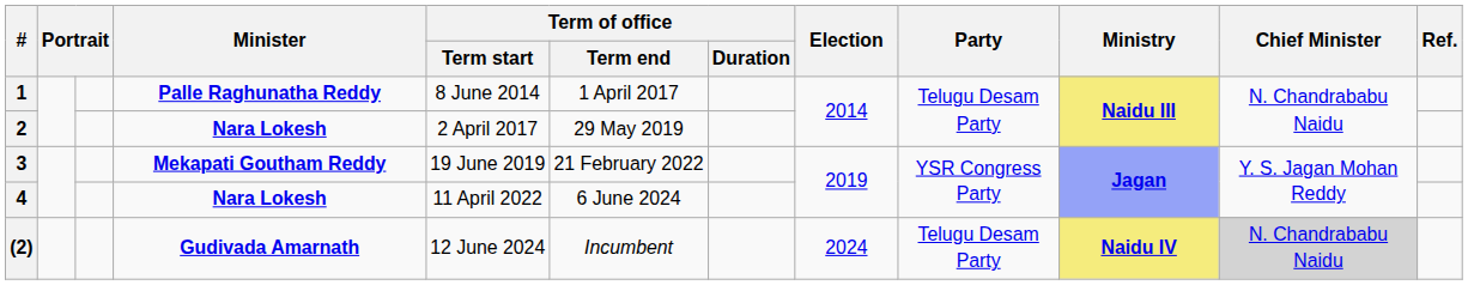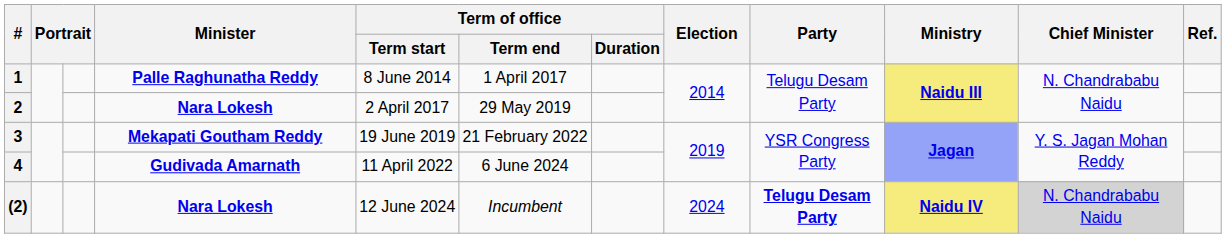 <table class="wikitable" style="line-height:1.4em; text-align:center">
 <tr>
 <th rowspan=2>#</th>
 <th rowspan=2 colspan="2">Portrait</th>
 <th rowspan=2 style="width:16em">Minister<br></th>
 <th colspan="3">Term of office</th>
 <th rowspan=2 style="width:5em">Election<br></th>
 <th rowspan=2 style="width:8em">Party</th>
 <th rowspan=2 style="width:8em">Ministry</th>
 <th rowspan=2 style="width:10em">Chief Minister</th>
 <th rowspan=2>Ref.</th>
 </tr>
 <tr>
 <th>Term start</th>
 <th>Term end</th>
 <th>Duration</th>
 </tr>
 <tr>
 <th>1</th>
 <td rowspan=2></td>
 <td></td>
 <td><strong><a href='#'>Palle Raghunatha Reddy</a></strong><br></td>
 <td>8 June 2014</td>
 <td>1 April 2017</td>
 <td><strong></strong></td>
 <td rowspan=2><a href='#'>2014</a><br></td>
 <td rowspan=2><a href='#'>Telugu Desam Party</a></td>
 <td rowspan=2 bgcolor="#F5EC7D"><strong><a href='#'>Naidu III</a></strong></td>
 <td rowspan=2><a href='#'>N. Chandrababu Naidu</a></td>
 <td></td>
 </tr>
 <tr>
 <th>2</th>
 <td></td>
 <td><strong><a href='#'>Nara Lokesh</a></strong><br></td>
 <td>2 April 2017</td>
 <td>29 May 2019</td>
 <td><strong></strong></td>
 <td></td>
 </tr>
 <tr>
 <th>3</th>
 <td rowspan=2></td>
 <td></td>
 <td><strong><a href='#'>Mekapati Goutham Reddy</a></strong><br></td>
 <td>19 June 2019</td>
 <td>21 February 2022 </td>
 <td><strong></strong></td>
 <td rowspan=2><a href='#'>2019</a><br></td>
 <td rowspan="2"><a href='#'>YSR Congress Party</a></td>
 <td rowspan=2 bgcolor="#94A2F7"><strong><a href='#'>Jagan</a></strong></td>
 <td rowspan="2"><a href='#'>Y. S. Jagan Mohan Reddy</a></td>
 <td></td>
 </tr>
 <tr>
 <th>4</th>
 <td></td>
-<td><strong><a href='#'>Nara Lokesh</a></strong><br></td>
+<td><strong><a href='#'>Gudivada Amarnath</a></strong><br></td>
 <td>11 April 2022</td>
 <td>6 June 2024</td>
 <td><strong></strong></td>
 <td></td>
 </tr>
 <tr>
 <th>(2)</th>
 <td></td>
 <td></td>
-<td><strong><a href='#'>Gudivada Amarnath</a></strong><br></td>
+<td><strong><a href='#'>Nara Lokesh</a></strong><br></td>
 <td>12 June 2024</td>
 <td><em>Incumbent</em></td>
 <td><strong></strong></td>
 <td><a href='#'>2024</a><br></td>
-<td><a href='#'>Telugu Desam Party</a></td>
+<td><strong><a href='#'>Telugu Desam Party</a></strong></td>
 <td bgcolor="#F5EC7D"><strong><a href='#'>Naidu IV</a></strong></td>
 <td style="background: lightgrey;"><a href='#'>N. Chandrababu Naidu</a></td>
 <td></td>
 </tr>
 </table>
